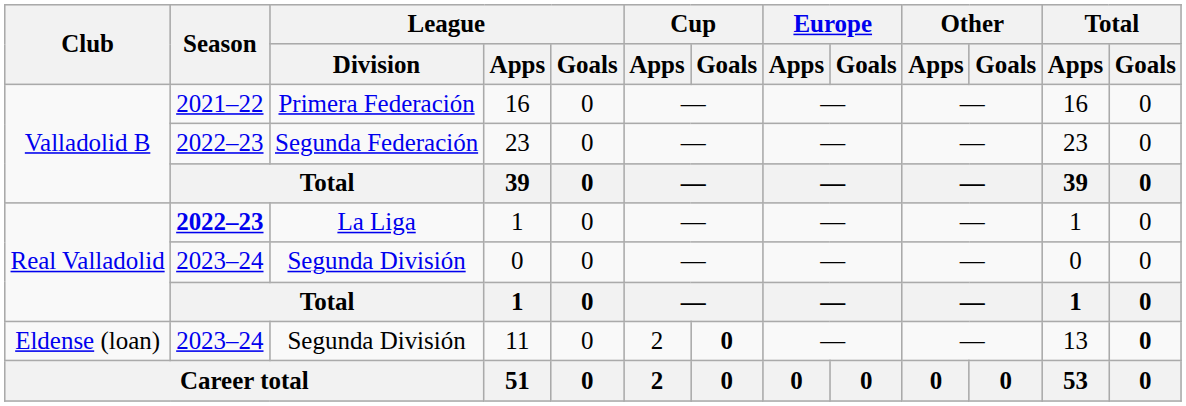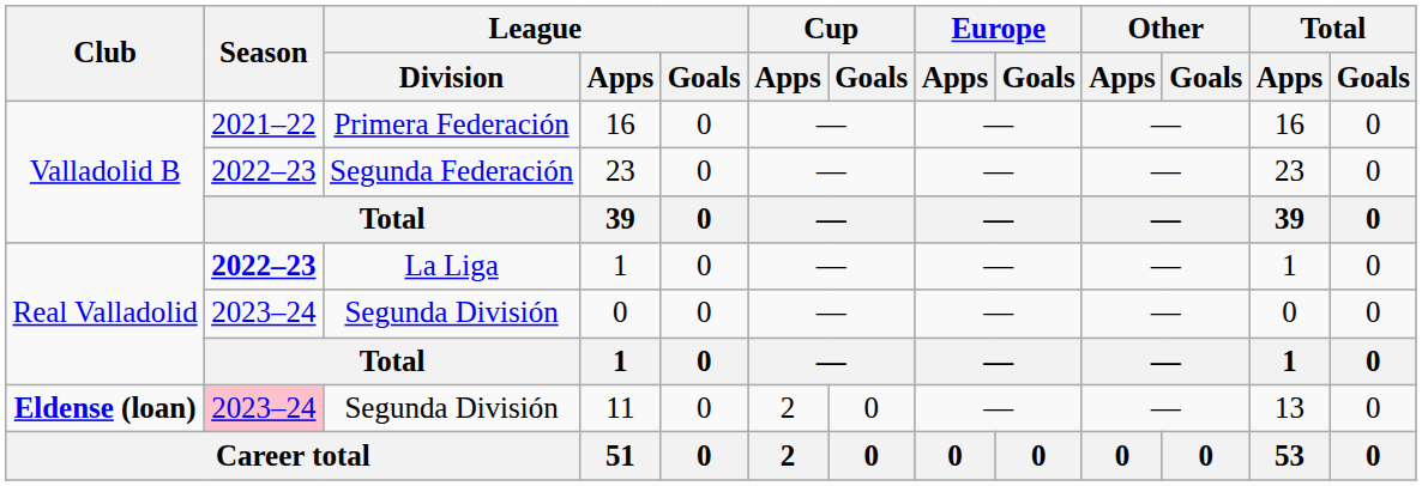 <table class="wikitable" style="text-align:center">
 <tr>
 <th rowspan="2">Club</th>
 <th rowspan="2">Season</th>
 <th colspan="3">League</th>
 <th colspan="2">Cup</th>
 <th colspan="2"><a href='#'>Europe</a></th>
 <th colspan="2">Other</th>
 <th colspan="2">Total</th>
 </tr>
 <tr>
 <th>Division</th>
 <th>Apps</th>
 <th>Goals</th>
 <th>Apps</th>
 <th>Goals</th>
 <th>Apps</th>
 <th>Goals</th>
 <th>Apps</th>
 <th>Goals</th>
 <th>Apps</th>
 <th>Goals</th>
 </tr>
 <tr>
 <td rowspan="3"><a href='#'>Valladolid B</a></td>
 <td><a href='#'>2021–22</a></td>
 <td><a href='#'>Primera Federación</a></td>
 <td>16</td>
 <td>0</td>
 <td colspan="2">—</td>
 <td colspan="2">—</td>
 <td colspan="2">—</td>
 <td>16</td>
 <td>0</td>
 </tr>
 <tr>
 <td><a href='#'>2022–23</a></td>
 <td><a href='#'>Segunda Federación</a></td>
 <td>23</td>
 <td>0</td>
 <td colspan="2">—</td>
 <td colspan="2">—</td>
 <td colspan="2">—</td>
 <td>23</td>
 <td>0</td>
 </tr>
 <tr>
 <th colspan="2">Total</th>
 <th>39</th>
 <th>0</th>
 <th colspan="2">—</th>
 <th colspan="2">—</th>
 <th colspan="2">—</th>
 <th>39</th>
 <th>0</th>
 </tr>
 <tr>
 <td rowspan="3"><a href='#'>Real Valladolid</a></td>
 <td><strong><a href='#'>2022–23</a></strong></td>
 <td><a href='#'>La Liga</a></td>
 <td>1</td>
 <td>0</td>
 <td colspan="2">—</td>
 <td colspan="2">—</td>
 <td colspan="2">—</td>
 <td>1</td>
 <td>0</td>
 </tr>
 <tr>
 <td><a href='#'>2023–24</a></td>
 <td><a href='#'>Segunda División</a></td>
 <td>0</td>
 <td>0</td>
 <td colspan="2">—</td>
 <td colspan="2">—</td>
 <td colspan="2">—</td>
 <td>0</td>
 <td>0</td>
 </tr>
 <tr>
 <th colspan="2">Total</th>
 <th>1</th>
 <th>0</th>
 <th colspan="2">—</th>
 <th colspan="2">—</th>
 <th colspan="2">—</th>
 <th>1</th>
 <th>0</th>
 </tr>
 <tr>
-<td><a href='#'>Eldense</a> (loan)</td>
-<td><a href='#'>2023–24</a></td>
+<td><strong><a href='#'>Eldense</a> (loan)</strong></td>
+<td style="background: pink;"><a href='#'>2023–24</a></td>
 <td>Segunda División</td>
 <td>11</td>
 <td>0</td>
 <td>2</td>
-<td><strong>0</strong></td>
+<td>0</td>
 <td colspan="2">—</td>
 <td colspan="2">—</td>
 <td>13</td>
-<td><strong>0</strong></td>
+<td>0</td>
 </tr>
 <tr>
 <th colspan="3">Career total</th>
 <th>51</th>
 <th>0</th>
 <th>2</th>
 <th>0</th>
 <th>0</th>
 <th>0</th>
 <th>0</th>
 <th>0</th>
 <th>53</th>
 <th>0</th>
 </tr>
 </table>
